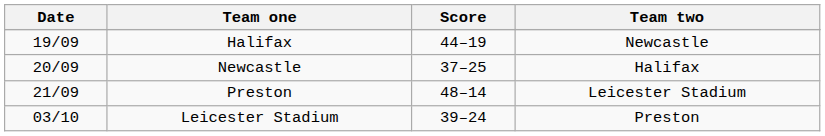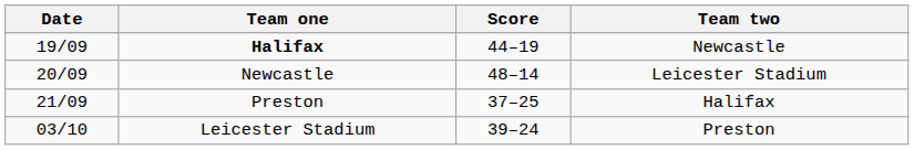 <table class="wikitable" style="text-align: center">
 <tr>
 <th width=80>Date</th>
 <th width=250>Team one</th>
 <th width=80>Score</th>
 <th width=250>Team two</th>
 </tr>
 <tr>
 </tr>
 <tr>
 <td>19/09</td>
-<td>Halifax</td>
+<td><strong>Halifax</strong></td>
 <td>44–19</td>
 <td>Newcastle</td>
 </tr>
 <tr>
 <td>20/09</td>
 <td>Newcastle</td>
-<td>37–25</td>
-<td>Halifax</td>
+<td>48–14</td>
+<td>Leicester Stadium</td>
 </tr>
 <tr>
 <td>21/09</td>
 <td>Preston</td>
-<td>48–14</td>
-<td>Leicester Stadium</td>
+<td>37–25</td>
+<td>Halifax</td>
 </tr>
 <tr>
 <td>03/10</td>
 <td>Leicester Stadium</td>
 <td>39–24</td>
 <td>Preston</td>
 </tr>
 </table>
